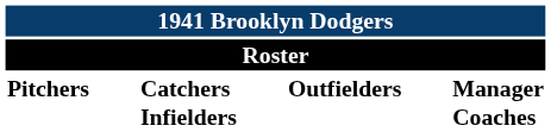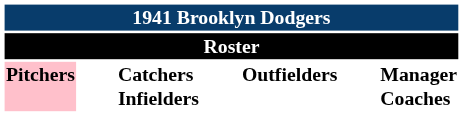 <table class="toccolours" style="font-size: 95%;">
 <tr>
 <th colspan="10" style="background-color: #083c6b; color: white; text-align: center;">1941 Brooklyn Dodgers</th>
 </tr>
 <tr>
 <td colspan="10" style="background-color: black; color: white; text-align: center;"><strong>Roster</strong></td>
 </tr>
 <tr>
-<td valign="top"><strong>Pitchers</strong><br>                 </td>
+<td valign="top" style="background: pink;"><strong>Pitchers</strong><br>                 </td>
 <td width="25px"></td>
 <td valign="top"><strong>Catchers</strong><br>     <strong>Infielders</strong>        </td>
 <td width="25px"></td>
 <td valign="top"><strong>Outfielders</strong><br>       </td>
 <td width="25px"></td>
 <td valign="top"><strong>Manager</strong><br> <strong>Coaches</strong>  </td>
 </tr>
 </table>
